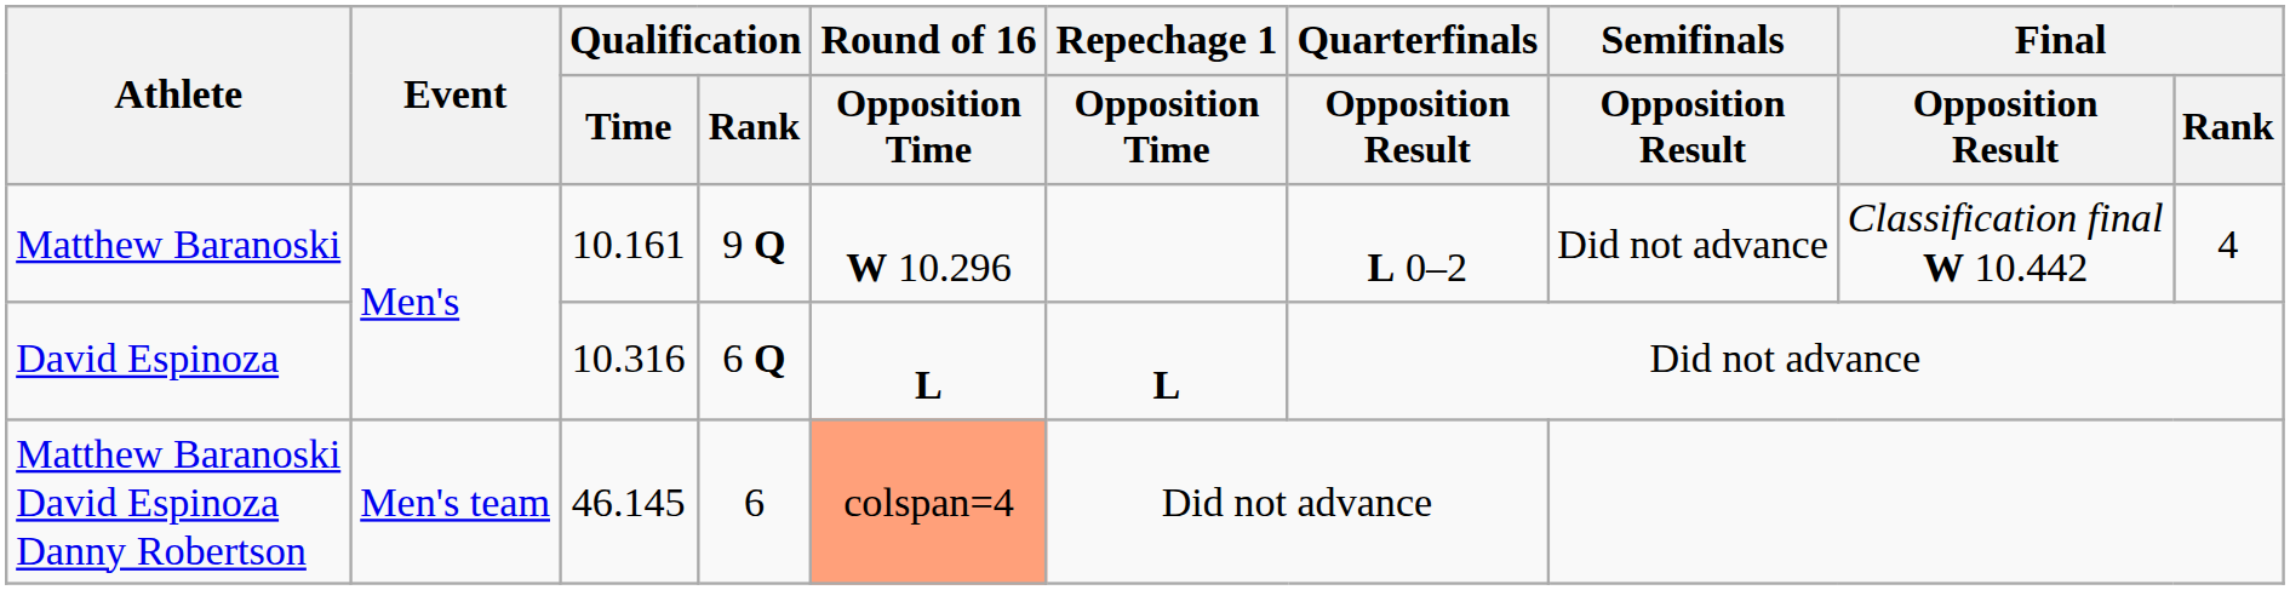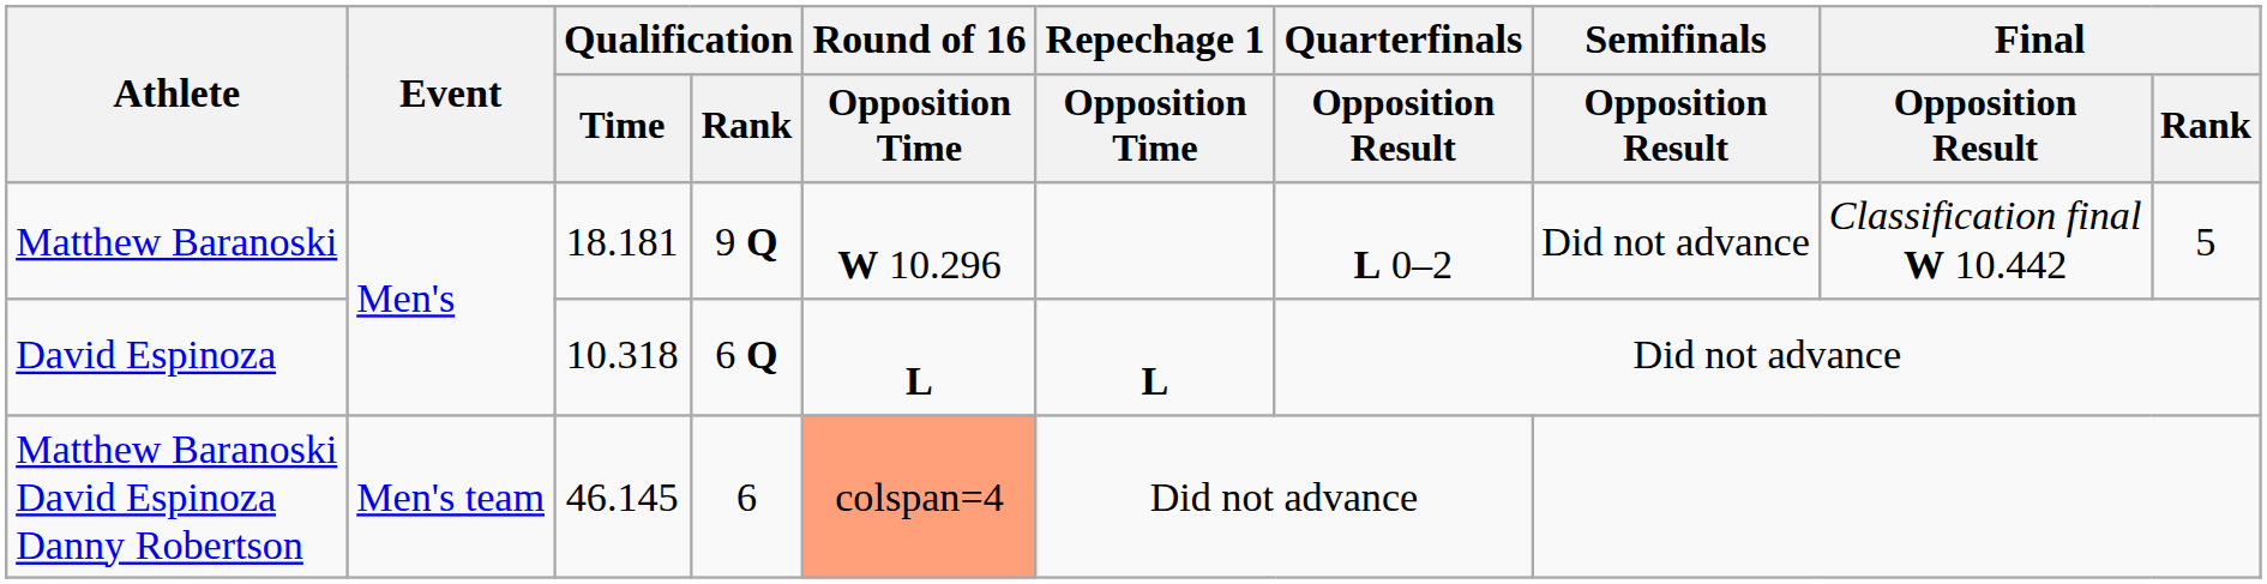 <table class=wikitable style="font-size:90%;">
 <tr>
 <th rowspan=2>Athlete</th>
 <th rowspan=2>Event</th>
 <th colspan=2>Qualification</th>
 <th>Round of 16</th>
 <th>Repechage 1</th>
 <th>Quarterfinals</th>
 <th>Semifinals</th>
 <th colspan=2>Final</th>
 </tr>
 <tr style="font-size:95%">
 <th>Time</th>
 <th>Rank</th>
 <th>Opposition<br>Time</th>
 <th>Opposition<br>Time</th>
 <th>Opposition<br>Result</th>
 <th>Opposition<br>Result</th>
 <th>Opposition<br>Result</th>
 <th>Rank</th>
 </tr>
 <tr align=center>
 <td align=left><a href='#'>Matthew Baranoski</a></td>
 <td align=left rowspan=2><a href='#'>Men's</a></td>
-<td>10.161</td>
+<td>18.181</td>
 <td>9 <strong>Q</strong></td>
 <td><br><strong>W</strong> 10.296</td>
 <td></td>
 <td><br><strong>L</strong> 0–2</td>
 <td>Did not advance</td>
 <td><em>Classification final</em><br><strong>W</strong> 10.442</td>
-<td>4</td>
+<td>5</td>
 </tr>
 <tr align=center>
 <td align=left><a href='#'>David Espinoza</a></td>
-<td>10.316</td>
+<td>10.318</td>
 <td>6 <strong>Q</strong></td>
 <td><br><strong>L</strong></td>
 <td><br><strong>L</strong></td>
 <td colspan=4>Did not advance</td>
 </tr>
 <tr align=center>
 <td align=left><a href='#'>Matthew Baranoski</a><br><a href='#'>David Espinoza</a><br><a href='#'>Danny Robertson</a></td>
 <td align=left><a href='#'>Men's team</a></td>
 <td>46.145</td>
 <td>6</td>
 <td style="background: lightsalmon;">colspan=4 </td>
 <td colspan=2>Did not advance</td>
 </tr>
 </table>
